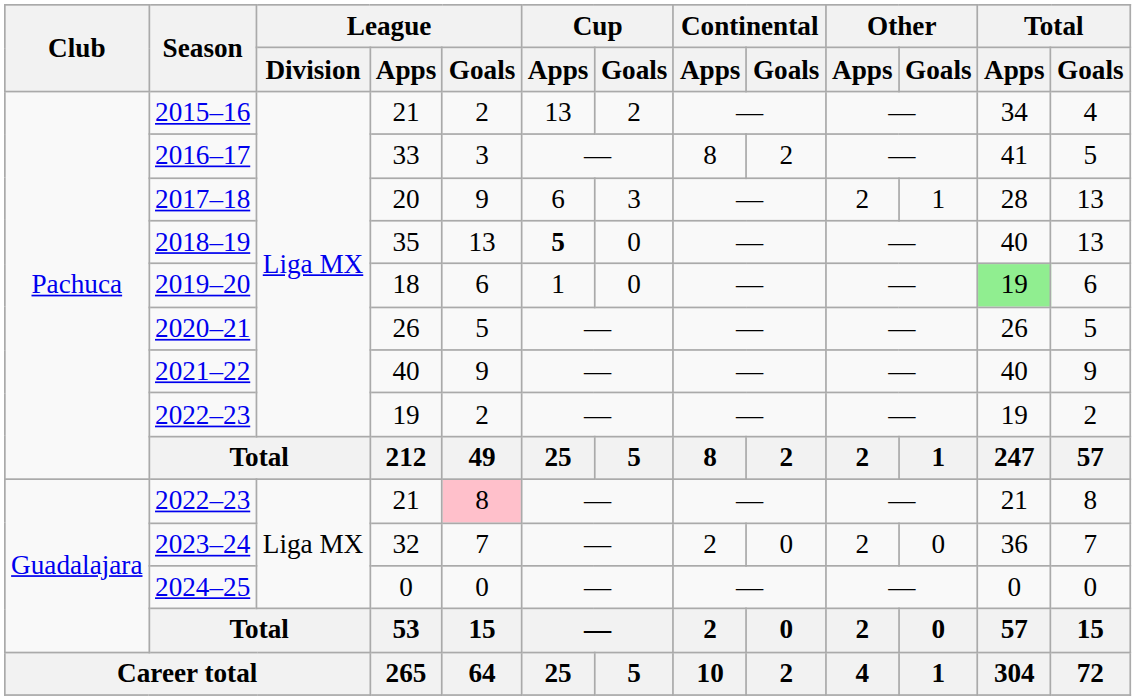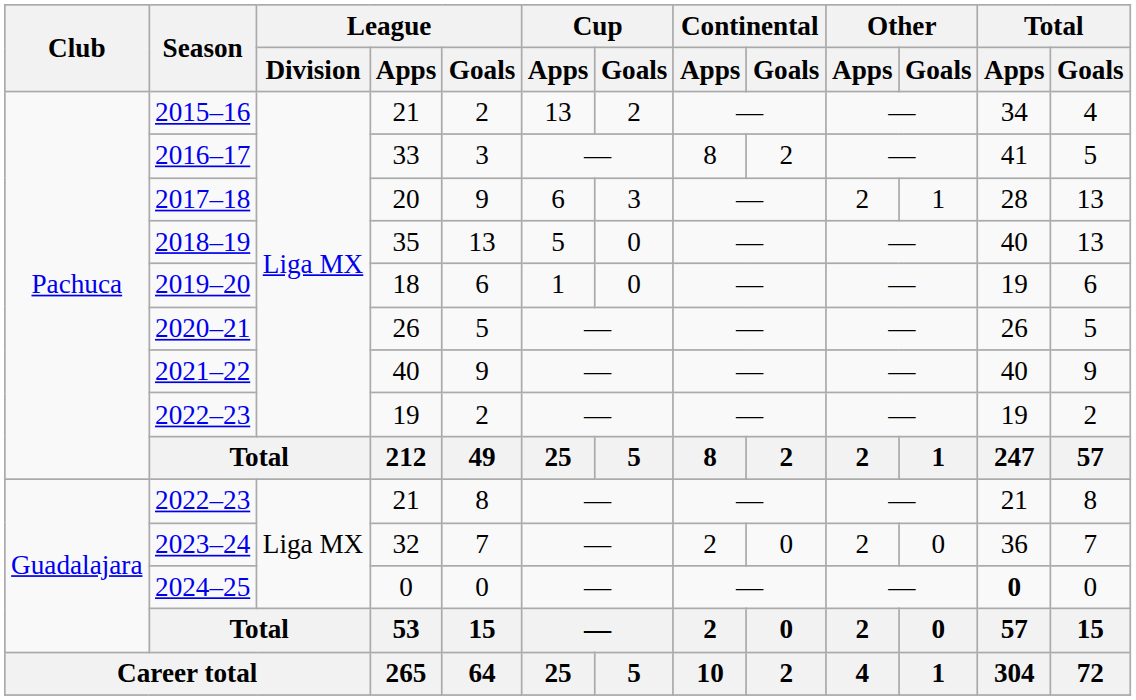 <table class="wikitable" style="text-align: center;">
 <tr>
 <th rowspan="2">Club</th>
 <th rowspan="2">Season</th>
 <th colspan="3">League</th>
 <th colspan="2">Cup</th>
 <th colspan="2">Continental</th>
 <th colspan="2">Other</th>
 <th colspan="2">Total</th>
 </tr>
 <tr>
 <th>Division</th>
 <th>Apps</th>
 <th>Goals</th>
 <th>Apps</th>
 <th>Goals</th>
 <th>Apps</th>
 <th>Goals</th>
 <th>Apps</th>
 <th>Goals</th>
 <th>Apps</th>
 <th>Goals</th>
 </tr>
 <tr>
 <td rowspan="9"><a href='#'>Pachuca</a></td>
 <td><a href='#'>2015–16</a></td>
 <td rowspan="8"><a href='#'>Liga MX</a></td>
 <td>21</td>
 <td>2</td>
 <td>13</td>
 <td>2</td>
 <td colspan="2">—</td>
 <td colspan="2">—</td>
 <td>34</td>
 <td>4</td>
 </tr>
 <tr>
 <td><a href='#'>2016–17</a></td>
 <td>33</td>
 <td>3</td>
 <td colspan="2">—</td>
 <td>8</td>
 <td>2</td>
 <td colspan="2">—</td>
 <td>41</td>
 <td>5</td>
 </tr>
 <tr>
 <td><a href='#'>2017–18</a></td>
 <td>20</td>
 <td>9</td>
 <td>6</td>
 <td>3</td>
 <td colspan="2">—</td>
 <td>2</td>
 <td>1</td>
 <td>28</td>
 <td>13</td>
 </tr>
 <tr>
 <td><a href='#'>2018–19</a></td>
 <td>35</td>
 <td>13</td>
-<td><strong>5</strong></td>
+<td>5</td>
 <td>0</td>
 <td colspan="2">—</td>
 <td colspan="2">—</td>
 <td>40</td>
 <td>13</td>
 </tr>
 <tr>
 <td><a href='#'>2019–20</a></td>
 <td>18</td>
 <td>6</td>
 <td>1</td>
 <td>0</td>
 <td colspan="2">—</td>
 <td colspan="2">—</td>
-<td style="background: lightgreen;">19</td>
+<td>19</td>
 <td>6</td>
 </tr>
 <tr>
 <td><a href='#'>2020–21</a></td>
 <td>26</td>
 <td>5</td>
 <td colspan="2">—</td>
 <td colspan="2">—</td>
 <td colspan="2">—</td>
 <td>26</td>
 <td>5</td>
 </tr>
 <tr>
 <td><a href='#'>2021–22</a></td>
 <td>40</td>
 <td>9</td>
 <td colspan="2">—</td>
 <td colspan="2">—</td>
 <td colspan="2">—</td>
 <td>40</td>
 <td>9</td>
 </tr>
 <tr>
 <td><a href='#'>2022–23</a></td>
 <td>19</td>
 <td>2</td>
 <td colspan="2">—</td>
 <td colspan="2">—</td>
 <td colspan="2">—</td>
 <td>19</td>
 <td>2</td>
 </tr>
 <tr>
 <th colspan="2">Total</th>
 <th>212</th>
 <th>49</th>
 <th>25</th>
 <th>5</th>
 <th>8</th>
 <th>2</th>
 <th>2</th>
 <th>1</th>
 <th>247</th>
 <th>57</th>
 </tr>
 <tr>
 <td rowspan="4"><a href='#'>Guadalajara</a></td>
 <td><a href='#'>2022–23</a></td>
 <td rowspan="3">Liga MX</td>
 <td>21</td>
-<td style="background: pink;">8</td>
+<td>8</td>
 <td colspan="2">—</td>
 <td colspan="2">—</td>
 <td colspan="2">—</td>
 <td>21</td>
 <td>8</td>
 </tr>
 <tr>
 <td><a href='#'>2023–24</a></td>
 <td>32</td>
 <td>7</td>
 <td colspan="2">—</td>
 <td>2</td>
 <td>0</td>
 <td>2</td>
 <td>0</td>
 <td>36</td>
 <td>7</td>
 </tr>
 <tr>
 <td><a href='#'>2024–25</a></td>
 <td>0</td>
 <td>0</td>
 <td colspan="2">—</td>
 <td colspan="2">—</td>
 <td colspan="2">—</td>
-<td>0</td>
+<td><strong>0</strong></td>
 <td>0</td>
 </tr>
 <tr>
 <th colspan="2">Total</th>
 <th>53</th>
 <th>15</th>
 <th colspan="2">—</th>
 <th>2</th>
 <th>0</th>
 <th>2</th>
 <th>0</th>
 <th>57</th>
 <th>15</th>
 </tr>
 <tr>
 <th colspan="3">Career total</th>
 <th>265</th>
 <th>64</th>
 <th>25</th>
 <th>5</th>
 <th>10</th>
 <th>2</th>
 <th>4</th>
 <th>1</th>
 <th>304</th>
 <th>72</th>
 </tr>
 </table>
